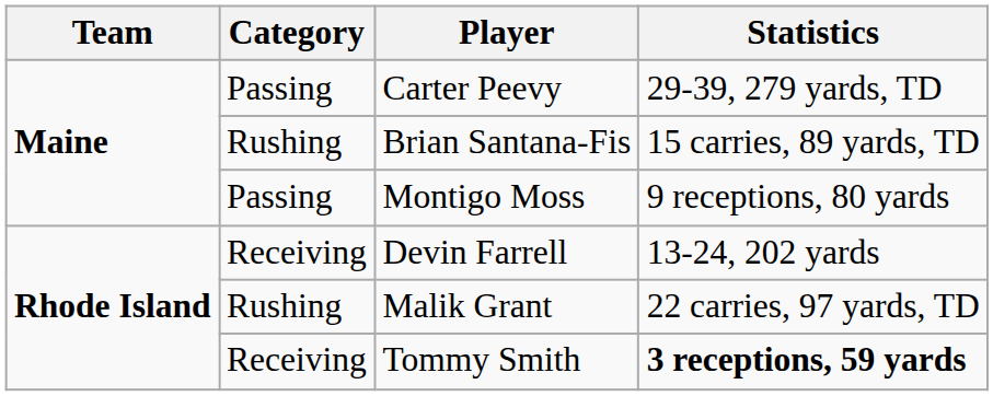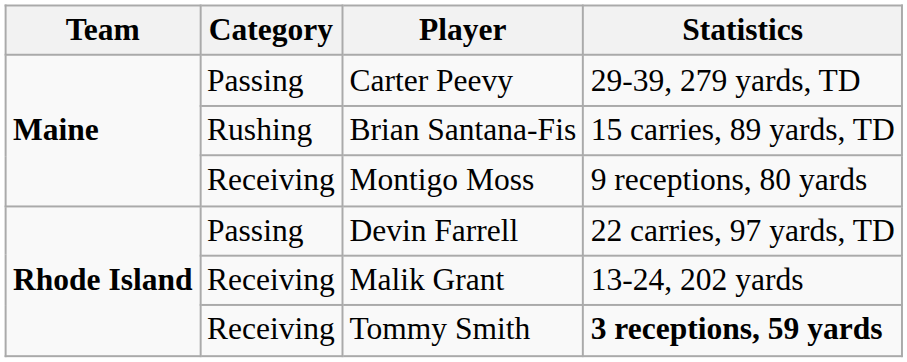 <table class="wikitable" style="float: right;">
 <tr>
 <th>Team</th>
 <th>Category</th>
 <th>Player</th>
 <th>Statistics</th>
 </tr>
 <tr>
 <td rowspan=3><strong>Maine</strong></td>
 <td>Passing</td>
 <td>Carter Peevy</td>
 <td>29-39, 279 yards, TD</td>
 </tr>
 <tr>
 <td>Rushing</td>
 <td>Brian Santana-Fis</td>
 <td>15 carries, 89 yards, TD</td>
 </tr>
 <tr>
-<td>Passing</td>
+<td>Receiving</td>
 <td>Montigo Moss</td>
 <td>9 receptions, 80 yards</td>
 </tr>
 <tr>
 <td rowspan=3><strong>Rhode Island</strong></td>
-<td>Receiving</td>
+<td>Passing</td>
 <td>Devin Farrell</td>
-<td>13-24, 202 yards</td>
+<td>22 carries, 97 yards, TD</td>
 </tr>
 <tr>
-<td>Rushing</td>
+<td>Receiving</td>
 <td>Malik Grant</td>
-<td>22 carries, 97 yards, TD</td>
+<td>13-24, 202 yards</td>
 </tr>
 <tr>
 <td>Receiving</td>
 <td>Tommy Smith</td>
 <td><strong>3 receptions, 59 yards</strong></td>
 </tr>
 </table>
